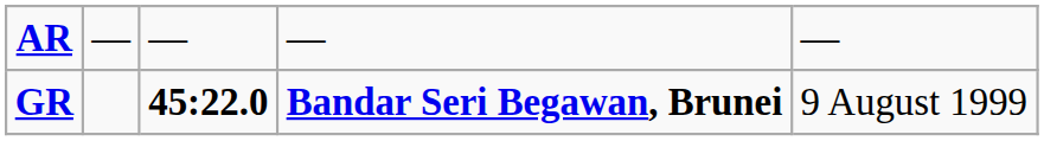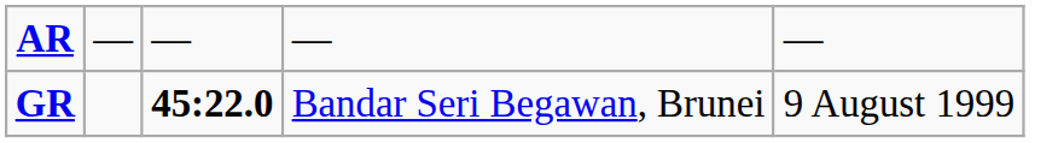 <table class="wikitable" style="font-size:95%; position:relative;">
 <tr>
 <td align=center><strong><a href='#'>AR</a></strong></td>
 <td>—</td>
 <td>—</td>
 <td>—</td>
 <td>—</td>
 </tr>
 <tr>
 <td align=center><strong><a href='#'>GR</a></strong></td>
 <td></td>
 <td><strong>45:22.0</strong></td>
-<td><strong><a href='#'>Bandar Seri Begawan</a>, Brunei</strong></td>
+<td><a href='#'>Bandar Seri Begawan</a>, Brunei</td>
 <td>9 August 1999</td>
 </tr>
 </table>
